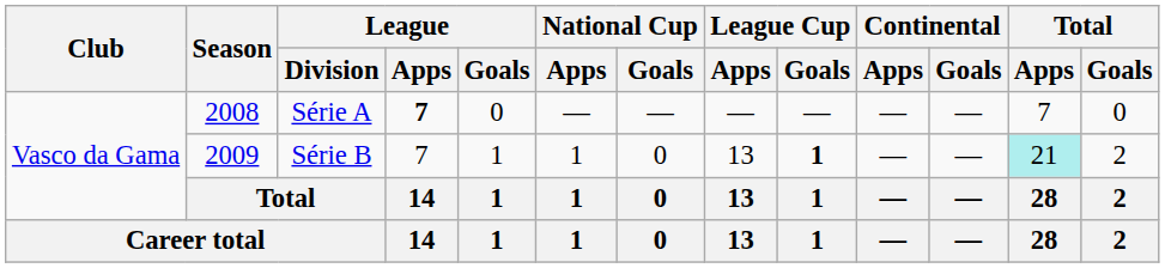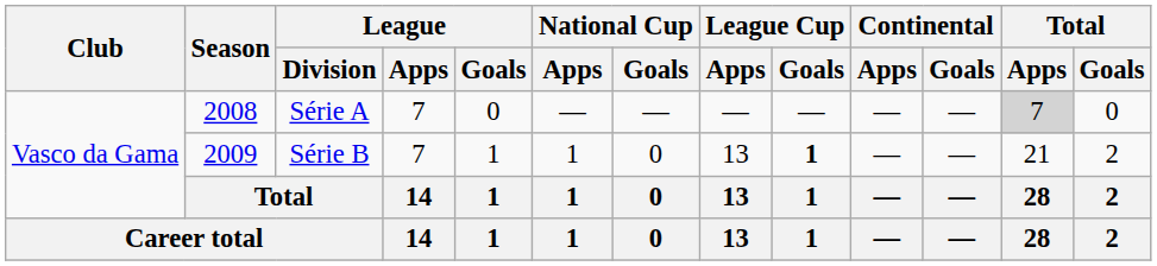 <table class="wikitable" style="text-align:center">
 <tr>
 <th rowspan="2">Club</th>
 <th rowspan="2">Season</th>
 <th colspan="3">League</th>
 <th colspan="2">National Cup</th>
 <th colspan="2">League Cup</th>
 <th colspan="2">Continental</th>
 <th colspan="2">Total</th>
 </tr>
 <tr>
 <th>Division</th>
 <th>Apps</th>
 <th>Goals</th>
 <th>Apps</th>
 <th>Goals</th>
 <th>Apps</th>
 <th>Goals</th>
 <th>Apps</th>
 <th>Goals</th>
 <th>Apps</th>
 <th>Goals</th>
 </tr>
 <tr>
 <td rowspan="3"><a href='#'>Vasco da Gama</a></td>
 <td><a href='#'>2008</a></td>
 <td><a href='#'>Série A</a></td>
-<td><strong>7</strong></td>
+<td>7</td>
 <td>0</td>
 <td>—</td>
 <td>—</td>
 <td>—</td>
 <td>—</td>
 <td>—</td>
 <td>—</td>
-<td>7</td>
+<td style="background: lightgrey;">7</td>
 <td>0</td>
 </tr>
 <tr>
 <td><a href='#'>2009</a></td>
 <td><a href='#'>Série B</a></td>
 <td>7</td>
 <td>1</td>
 <td>1</td>
 <td>0</td>
 <td>13</td>
 <td><strong>1</strong></td>
 <td>—</td>
 <td>—</td>
-<td style="background: paleturquoise;">21</td>
+<td>21</td>
 <td>2</td>
 </tr>
 <tr>
 <th colspan="2">Total</th>
 <th>14</th>
 <th>1</th>
 <th>1</th>
 <th>0</th>
 <th>13</th>
 <th>1</th>
 <th>—</th>
 <th>—</th>
 <th>28</th>
 <th>2</th>
 </tr>
 <tr>
 <th colspan="3">Career total</th>
 <th>14</th>
 <th>1</th>
 <th>1</th>
 <th>0</th>
 <th>13</th>
 <th>1</th>
 <th>—</th>
 <th>—</th>
 <th>28</th>
 <th>2</th>
 </tr>
 </table>
